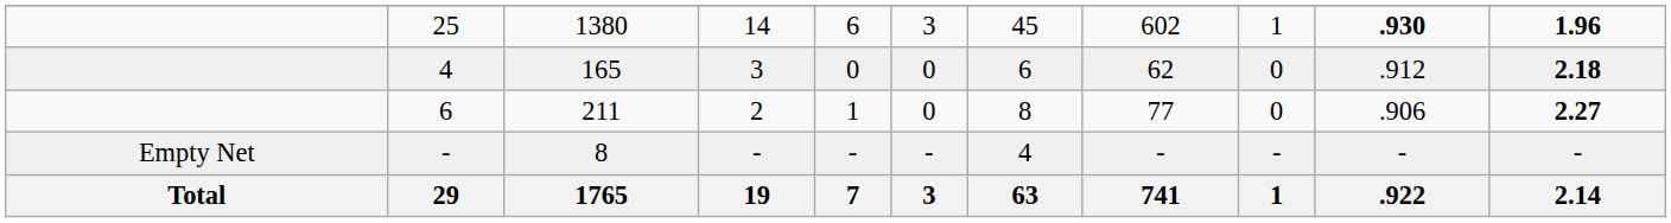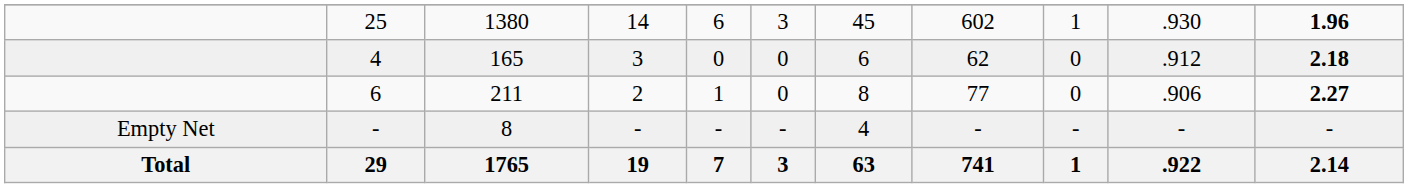 <table class="wikitable sortable" width ="1000">
 <tr align="center">
 </tr>
 <tr align="center" bgcolor="">
 <td></td>
 <td>25</td>
 <td>1380</td>
 <td>14</td>
 <td>6</td>
 <td>3</td>
 <td>45</td>
 <td>602</td>
 <td>1</td>
-<td><strong>.930</strong></td>
+<td>.930</td>
 <td><strong>1.96</strong></td>
 </tr>
 <tr align="center" bgcolor="f0f0f0">
 <td></td>
 <td>4</td>
 <td>165</td>
 <td>3</td>
 <td>0</td>
 <td>0</td>
 <td>6</td>
 <td>62</td>
 <td>0</td>
 <td>.912</td>
 <td><strong>2.18</strong></td>
 </tr>
 <tr align="center" bgcolor="">
 <td></td>
 <td>6</td>
 <td>211</td>
 <td>2</td>
 <td>1</td>
 <td>0</td>
 <td>8</td>
 <td>77</td>
 <td>0</td>
 <td>.906</td>
 <td><strong>2.27</strong></td>
 </tr>
 <tr align="center" bgcolor="f0f0f0">
 <td>Empty Net</td>
 <td>-</td>
 <td>8</td>
 <td>-</td>
 <td>-</td>
 <td>-</td>
 <td>4</td>
 <td>-</td>
 <td>-</td>
 <td>-</td>
 <td>-</td>
 </tr>
 <tr>
 <th>Total</th>
 <th>29</th>
 <th>1765</th>
 <th>19</th>
 <th>7</th>
 <th>3</th>
 <th>63</th>
 <th>741</th>
 <th>1</th>
 <th>.922</th>
 <th>2.14</th>
 </tr>
 </table>
